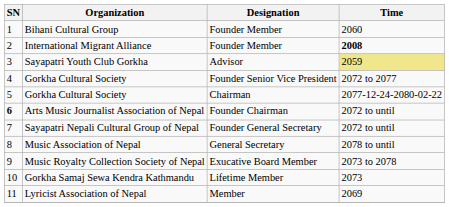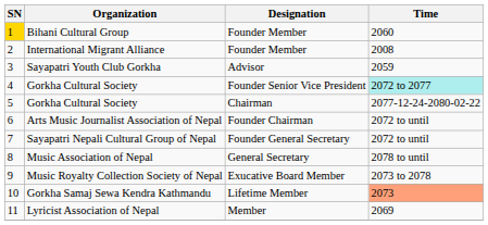 <table class="wikitable">
 <tr>
 <th>SN</th>
 <th>Organization</th>
 <th>Designation</th>
 <th>Time</th>
 </tr>
 <tr>
-<td>1</td>
+<td style="background: gold;">1</td>
 <td>Bihani Cultural Group</td>
 <td>Founder Member</td>
 <td>2060</td>
 </tr>
 <tr>
 <td>2</td>
 <td>International Migrant Alliance</td>
 <td>Founder Member</td>
-<td><strong>2008</strong></td>
+<td>2008</td>
 </tr>
 <tr>
 <td>3</td>
 <td>Sayapatri Youth Club Gorkha</td>
 <td>Advisor</td>
-<td style="background: khaki;">2059</td>
+<td>2059</td>
 </tr>
 <tr>
 <td>4</td>
 <td>Gorkha Cultural Society</td>
 <td>Founder Senior Vice President</td>
-<td>2072 to 2077</td>
+<td style="background: paleturquoise;">2072 to 2077</td>
 </tr>
 <tr>
 <td>5</td>
 <td>Gorkha Cultural Society</td>
 <td>Chairman</td>
 <td>2077-12-24-2080-02-22</td>
 </tr>
 <tr>
-<td><strong>6</strong></td>
+<td>6</td>
 <td>Arts Music Journalist Association of Nepal</td>
 <td>Founder Chairman</td>
 <td>2072 to until</td>
 </tr>
 <tr>
 <td>7</td>
 <td>Sayapatri Nepali Cultural Group of Nepal</td>
 <td>Founder General Secretary</td>
 <td>2072 to until</td>
 </tr>
 <tr>
 <td>8</td>
 <td>Music Association of Nepal</td>
 <td>General Secretary</td>
 <td>2078 to until</td>
 </tr>
 <tr>
 <td>9</td>
 <td>Music Royalty Collection Society of Nepal</td>
 <td>Exucative Board Member</td>
 <td>2073 to 2078</td>
 </tr>
 <tr>
 <td>10</td>
 <td>Gorkha Samaj Sewa Kendra Kathmandu</td>
 <td>Lifetime Member</td>
-<td>2073</td>
+<td style="background: lightsalmon;">2073</td>
 </tr>
 <tr>
 <td>11</td>
 <td>Lyricist Association of Nepal</td>
 <td>Member</td>
 <td>2069</td>
 </tr>
 <tr>
 </tr>
 </table>
